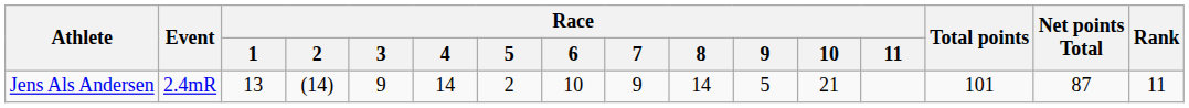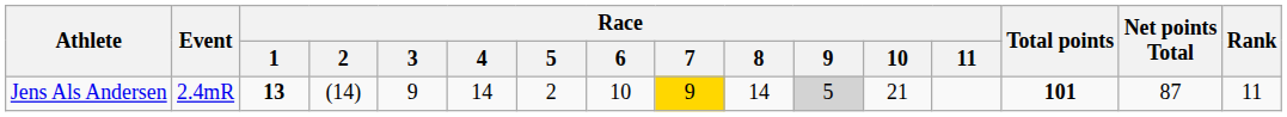 <table class=wikitable style="font-size:90%">
 <tr>
 <th rowspan="2">Athlete</th>
 <th rowspan="2">Event</th>
 <th colspan="11">Race</th>
 <th rowspan="2">Total points</th>
 <th rowspan="2">Net points<br>Total</th>
 <th rowspan="2">Rank</th>
 </tr>
 <tr>
 <th width="40">1</th>
 <th width="40">2</th>
 <th width="40">3</th>
 <th width="40">4</th>
 <th width="40">5</th>
 <th width="40">6</th>
 <th width="40">7</th>
 <th width="40">8</th>
 <th width="40">9</th>
 <th width="40">10</th>
 <th width="40">11</th>
 </tr>
 <tr align=center>
 <td align=left><a href='#'>Jens Als Andersen</a></td>
 <td align=left><a href='#'>2.4mR</a></td>
-<td>13</td>
+<td><strong>13</strong></td>
 <td>(14)</td>
 <td>9</td>
 <td>14</td>
 <td>2</td>
 <td>10</td>
-<td>9</td>
+<td style="background: gold;">9</td>
 <td>14</td>
-<td>5</td>
+<td style="background: lightgrey;">5</td>
 <td>21</td>
 <td></td>
-<td>101</td>
+<td><strong>101</strong></td>
 <td>87</td>
 <td>11</td>
 </tr>
 </table>
